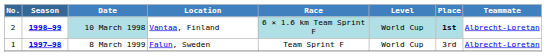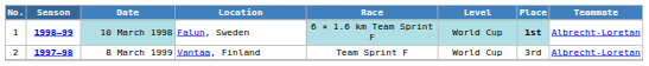 <table class="wikitable sortable" style="font-size:95%; text-align:center; border:grey solid 1px; border-collapse:collapse; background:#ffffff;">
 <tr style="background:#efefef;">
 <th style="background-color:#369; color:white;">No.</th>
 <th style="background-color:#369; color:white;">Season</th>
 <th style="background-color:#4180be; color:white; width:120px;">Date</th>
 <th style="background-color:#4180be; color:white; width:170px;">Location</th>
 <th style="background-color:#4180be; color:white; width:170px;">Race</th>
 <th style="background-color:#4180be; color:white; width:100px;">Level</th>
 <th style="background-color:#4180be; color:white;">Place</th>
 <th style="background-color:#4180be; color:white;">Teammate</th>
 </tr>
 <tr>
-<td align=center>2</td>
+<td align=center>1</td>
 <td rowspan=1 align=center><strong> <a href='#'>1998–99</a> </strong></td>
 <td bgcolor="#BOEOE6" align=right>10 March 1998</td>
-<td align=left> <a href='#'>Vantaa</a>, Finland</td>
+<td align=left> <a href='#'>Falun</a>, Sweden</td>
 <td bgcolor="#BOEOE6">6 × 1.6 km Team Sprint F</td>
 <td bgcolor="#BOEOE6">World Cup</td>
 <td bgcolor="#BOEOE6"><strong>1st</strong></td>
 <td><a href='#'>Albrecht-Loretan</a></td>
 </tr>
 <tr>
-<td align=center>1</td>
+<td align=center>2</td>
 <td rowspan=1 align=center><strong><a href='#'>1997–98</a></strong></td>
 <td align=right>8 March 1999</td>
-<td align=left> <a href='#'>Falun</a>, Sweden</td>
+<td align=left> <a href='#'>Vantaa</a>, Finland</td>
 <td>Team Sprint F</td>
 <td>World Cup</td>
 <td>3rd</td>
 <td><a href='#'>Albrecht-Loretan</a></td>
 </tr>
 <tr>
 </tr>
 </table>
